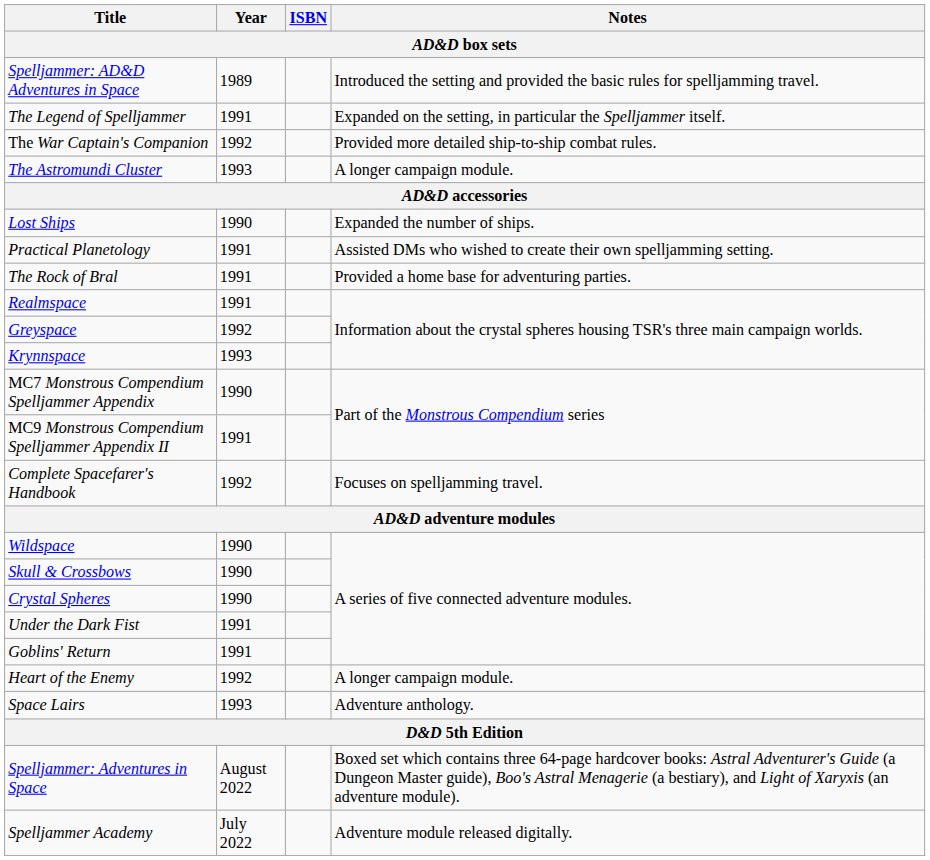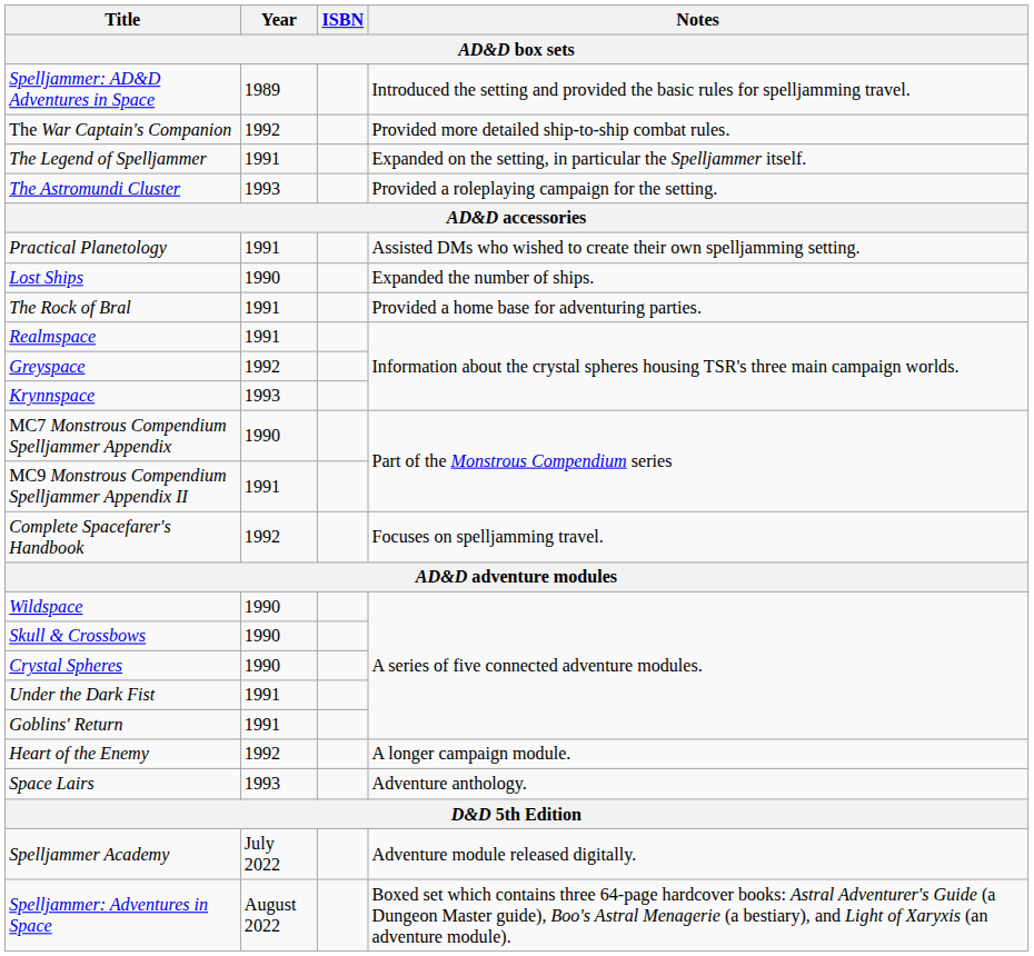 <table class="wikitable sortable" style="margins:auto; width=95%; font-size: 95%;">
 <tr>
 <th>Title</th>
 <th>Year</th>
 <th><a href='#'>ISBN</a></th>
 <th>Notes</th>
 </tr>
 <tr>
 <th colspan="4"><em>AD&D</em> box sets</th>
 </tr>
 <tr>
 <td><em><a href='#'>Spelljammer: AD&D Adventures in Space</a></em></td>
 <td>1989</td>
 <td></td>
 <td>Introduced the setting and provided the basic rules for spelljamming travel.</td>
 </tr>
 <tr>
+<td>The <em>War Captain's Companion</em></td>
+<td>1992</td>
+<td></td>
+<td>Provided more detailed ship-to-ship combat rules.</td>
+</tr>
+<tr>
 <td><em>The Legend of Spelljammer</em></td>
 <td>1991</td>
 <td></td>
 <td>Expanded on the setting, in particular the <em>Spelljammer</em> itself.</td>
 </tr>
 <tr>
-<td>The <em>War Captain's Companion</em></td>
-<td>1992</td>
-<td></td>
-<td>Provided more detailed ship-to-ship combat rules.</td>
-</tr>
-<tr>
 <td><em><a href='#'>The Astromundi Cluster</a></em></td>
 <td>1993</td>
 <td></td>
-<td>A longer campaign module.</td>
+<td>Provided a roleplaying campaign for the setting.</td>
 </tr>
 <tr>
 <th colspan="4"><em>AD&D</em> accessories</th>
+</tr>
+<tr>
+<td><em>Practical Planetology</em></td>
+<td>1991</td>
+<td></td>
+<td>Assisted DMs who wished to create their own spelljamming setting.</td>
 </tr>
 <tr>
 <td><em><a href='#'>Lost Ships</a></em></td>
 <td>1990</td>
 <td></td>
 <td>Expanded the number of ships.</td>
-</tr>
-<tr>
-<td><em>Practical Planetology</em></td>
-<td>1991</td>
-<td></td>
-<td>Assisted DMs who wished to create their own spelljamming setting.</td>
 </tr>
 <tr>
 <td><em>The Rock of Bral</em></td>
 <td>1991</td>
 <td></td>
 <td>Provided a home base for adventuring parties.</td>
 </tr>
 <tr>
 <td><em><a href='#'>Realmspace</a></em></td>
 <td>1991</td>
 <td></td>
 <td rowspan="3">Information about the crystal spheres housing TSR's three main campaign worlds.</td>
 </tr>
 <tr>
 <td><em><a href='#'>Greyspace</a></em></td>
 <td>1992</td>
 <td></td>
 </tr>
 <tr>
 <td><em><a href='#'>Krynnspace</a></em></td>
 <td>1993</td>
 <td></td>
 </tr>
 <tr>
 <td>MC7 <em>Monstrous Compendium Spelljammer Appendix</em></td>
 <td>1990</td>
 <td></td>
 <td rowspan="2">Part of the <em><a href='#'>Monstrous Compendium</a></em> series</td>
 </tr>
 <tr>
 <td>MC9 <em>Monstrous Compendium Spelljammer Appendix II</em></td>
 <td>1991</td>
 <td></td>
 </tr>
 <tr>
 <td><em>Complete Spacefarer's Handbook</em></td>
 <td>1992</td>
 <td></td>
 <td>Focuses on spelljamming travel.</td>
 </tr>
 <tr>
 <th colspan="4"><em>AD&D</em> adventure modules</th>
 </tr>
 <tr>
 <td><em><a href='#'>Wildspace</a></em></td>
 <td>1990</td>
 <td></td>
 <td rowspan="5">A series of five connected adventure modules.</td>
 </tr>
 <tr>
 <td><em><a href='#'>Skull & Crossbows</a></em></td>
 <td>1990</td>
 <td></td>
 </tr>
 <tr>
 <td><em><a href='#'>Crystal Spheres</a></em></td>
 <td>1990</td>
 <td></td>
 </tr>
 <tr>
 <td><em>Under the Dark Fist</em></td>
 <td>1991</td>
 <td></td>
 </tr>
 <tr>
 <td><em>Goblins' Return</em></td>
 <td>1991</td>
 <td></td>
 </tr>
 <tr>
 <td><em>Heart of the Enemy</em></td>
 <td>1992</td>
 <td></td>
 <td>A longer campaign module.</td>
 </tr>
 <tr>
 <td><em>Space Lairs</em></td>
 <td>1993</td>
 <td></td>
 <td>Adventure anthology.</td>
 </tr>
 <tr>
 <th colspan="4"><em>D&D</em> 5th Edition</th>
 </tr>
 <tr>
+<td><em>Spelljammer Academy</em></td>
+<td>July 2022</td>
+<td></td>
+<td>Adventure module released digitally.</td>
+</tr>
+<tr>
 <td><em><a href='#'>Spelljammer: Adventures in Space</a></em></td>
 <td>August 2022</td>
 <td></td>
 <td>Boxed set which contains three 64-page hardcover books: <em>Astral Adventurer's Guide</em> (a Dungeon Master guide), <em>Boo's Astral Menagerie</em> (a bestiary), and <em>Light of Xaryxis</em> (an adventure module).</td>
 </tr>
 <tr>
-<td><em>Spelljammer Academy</em></td>
-<td>July 2022</td>
-<td></td>
-<td>Adventure module released digitally.</td>
-</tr>
-<tr>
 </tr>
 </table>
